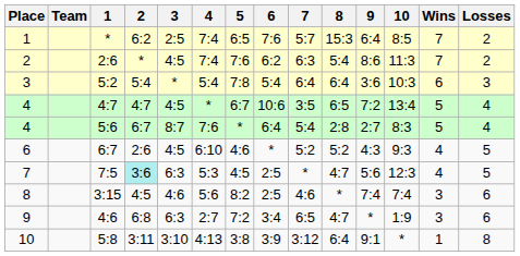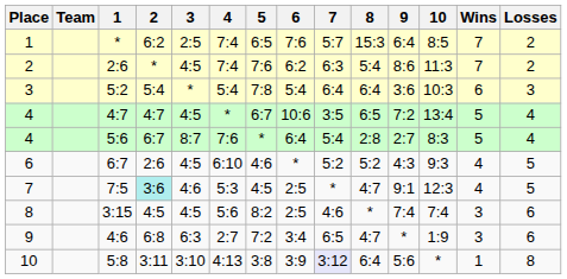 <table class="wikitable" style="text-align:center;">
 <tr>
 <th>Place</th>
 <th>Team</th>
 <th width="25">1</th>
 <th width="25">2</th>
 <th width="25">3</th>
 <th width="25">4</th>
 <th width="25">5</th>
 <th width="25">6</th>
 <th width="25">7</th>
 <th width="25">8</th>
 <th width="25">9</th>
 <th width="25">10</th>
 <th>Wins</th>
 <th>Losses</th>
 </tr>
 <tr bgcolor=#ffc>
 <td>1</td>
 <td align="left"></td>
 <td>*</td>
 <td>6:2</td>
 <td>2:5</td>
 <td>7:4</td>
 <td>6:5</td>
 <td>7:6</td>
 <td>5:7</td>
 <td>15:3</td>
 <td>6:4</td>
 <td>8:5</td>
 <td>7</td>
 <td>2</td>
 </tr>
 <tr bgcolor=#ffc>
 <td>2</td>
 <td align="left"></td>
 <td>2:6</td>
 <td>*</td>
 <td>4:5</td>
 <td>7:4</td>
 <td>7:6</td>
 <td>6:2</td>
 <td>6:3</td>
 <td>5:4</td>
 <td>8:6</td>
 <td>11:3</td>
 <td>7</td>
 <td>2</td>
 </tr>
 <tr bgcolor=#ffc>
 <td>3</td>
 <td align="left"></td>
 <td>5:2</td>
 <td>5:4</td>
 <td>*</td>
 <td>5:4</td>
 <td>7:8</td>
 <td>5:4</td>
 <td>6:4</td>
 <td>6:4</td>
 <td>3:6</td>
 <td>10:3</td>
 <td>6</td>
 <td>3</td>
 </tr>
 <tr bgcolor=#cfc>
 <td>4</td>
 <td align="left"></td>
 <td>4:7</td>
 <td>4:7</td>
 <td>4:5</td>
 <td>*</td>
 <td>6:7</td>
 <td>10:6</td>
 <td>3:5</td>
 <td>6:5</td>
 <td>7:2</td>
 <td>13:4</td>
 <td>5</td>
 <td>4</td>
 </tr>
 <tr bgcolor=#cfc>
 <td>4</td>
 <td align="left"></td>
 <td>5:6</td>
 <td>6:7</td>
 <td>8:7</td>
 <td>7:6</td>
 <td>*</td>
 <td>6:4</td>
 <td>5:4</td>
 <td>2:8</td>
 <td>2:7</td>
 <td>8:3</td>
 <td>5</td>
 <td>4</td>
 </tr>
 <tr>
 <td>6</td>
 <td align="left"></td>
 <td>6:7</td>
 <td>2:6</td>
 <td>4:5</td>
 <td>6:10</td>
 <td>4:6</td>
 <td>*</td>
 <td>5:2</td>
 <td>5:2</td>
 <td>4:3</td>
 <td>9:3</td>
 <td>4</td>
 <td>5</td>
 </tr>
 <tr>
 <td>7</td>
 <td align="left"></td>
 <td>7:5</td>
 <td style="background: paleturquoise;">3:6</td>
-<td>6:3</td>
+<td>4:6</td>
 <td>5:3</td>
 <td>4:5</td>
 <td>2:5</td>
 <td>*</td>
 <td>4:7</td>
-<td>5:6</td>
+<td>9:1</td>
 <td>12:3</td>
 <td>4</td>
 <td>5</td>
 </tr>
 <tr>
 <td>8</td>
 <td align="left"></td>
 <td>3:15</td>
 <td>4:5</td>
-<td>4:6</td>
+<td>4:5</td>
 <td>5:6</td>
 <td>8:2</td>
 <td>2:5</td>
 <td>4:6</td>
 <td>*</td>
 <td>7:4</td>
 <td>7:4</td>
 <td>3</td>
 <td>6</td>
 </tr>
 <tr>
 <td>9</td>
 <td align="left"></td>
 <td>4:6</td>
 <td>6:8</td>
 <td>6:3</td>
 <td>2:7</td>
 <td>7:2</td>
 <td>3:4</td>
 <td>6:5</td>
 <td>4:7</td>
 <td>*</td>
 <td>1:9</td>
 <td>3</td>
 <td>6</td>
 </tr>
 <tr>
 <td>10</td>
 <td align="left"></td>
 <td>5:8</td>
 <td>3:11</td>
 <td>3:10</td>
 <td>4:13</td>
 <td>3:8</td>
 <td>3:9</td>
-<td>3:12</td>
+<td style="background: lavender;">3:12</td>
 <td>6:4</td>
-<td>9:1</td>
+<td>5:6</td>
 <td>*</td>
 <td>1</td>
 <td>8</td>
 </tr>
 </table>
